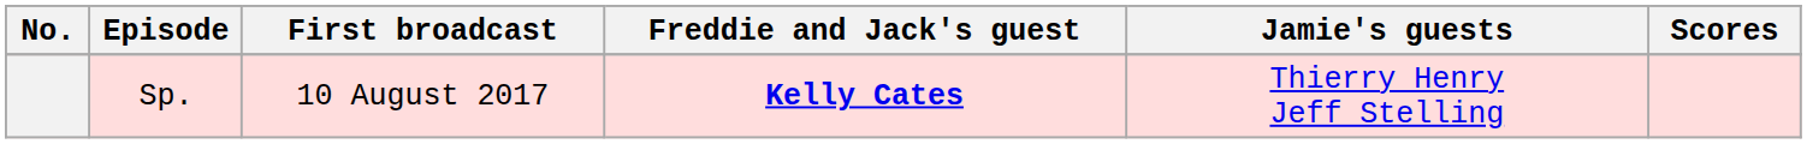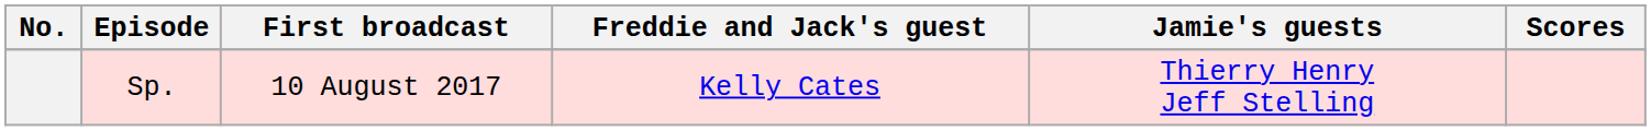 <table class="wikitable plainrowheaders"  style="text-align:center;">
 <tr>
 <th scope"col" style="width:30px;">No.</th>
 <th scope"col" style="width:60px;">Episode</th>
 <th scope"col" style="width:150px;">First broadcast</th>
 <th scope"col" style="width:220px;">Freddie and Jack's guest</th>
 <th scope"col" style="width:220px;">Jamie's guests</th>
 <th scope"col" style="width:60px;">Scores</th>
 </tr>
 <tr>
 </tr>
 <tr style="background:#fdd;">
 <th scope="row"></th>
 <td>Sp.</td>
 <td>10 August 2017</td>
-<td><strong><a href='#'>Kelly Cates</a></strong></td>
+<td><a href='#'>Kelly Cates</a></td>
 <td><a href='#'>Thierry Henry</a><br><a href='#'>Jeff Stelling</a></td>
 <td></td>
 </tr>
 </table>
